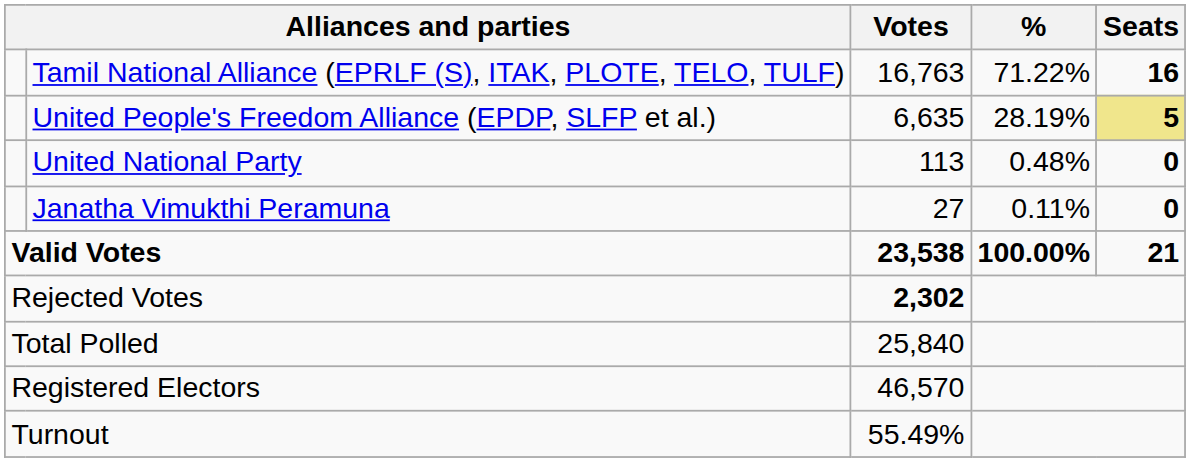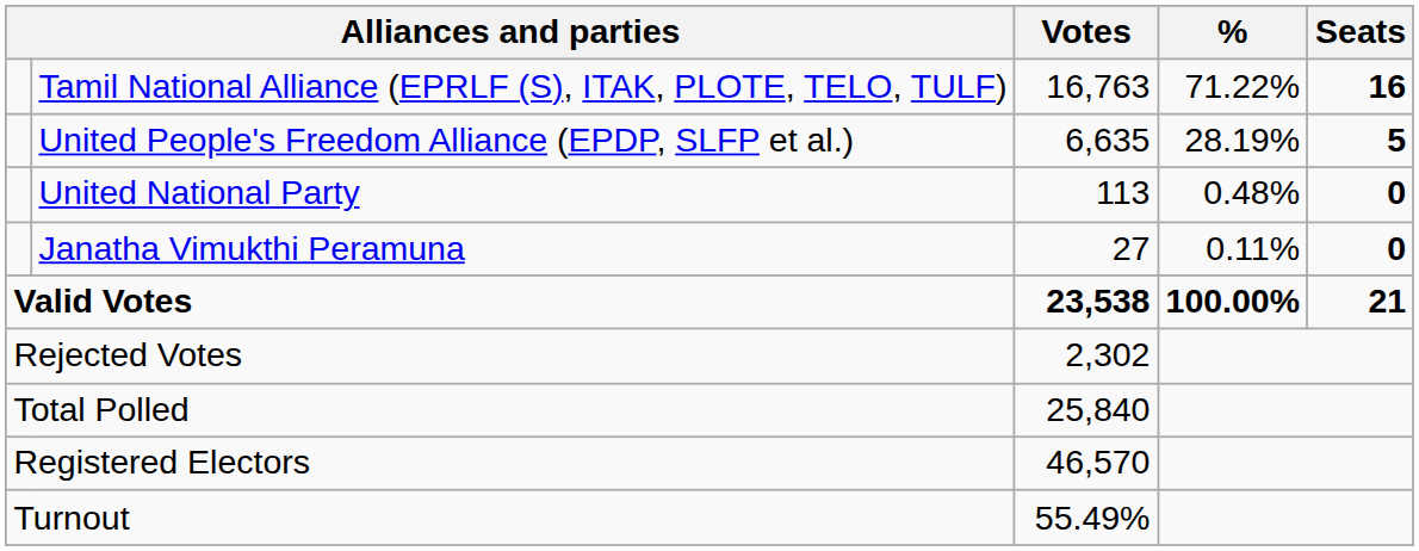 <table class="wikitable" border="1" style="text-align:right;">
 <tr>
 <th valign=bottom align=left colspan=2>Alliances and parties</th>
 <th valign=bottom align=center width="60">Votes</th>
 <th valign=bottom align=center width="50">%</th>
 <th valign=bottom align=center>Seats</th>
 </tr>
 <tr>
 <td bgcolor=> </td>
 <td align=left><a href='#'>Tamil National Alliance</a> (<a href='#'>EPRLF (S)</a>, <a href='#'>ITAK</a>, <a href='#'>PLOTE</a>, <a href='#'>TELO</a>, <a href='#'>TULF</a>)</td>
 <td>16,763</td>
 <td>71.22%</td>
 <td><strong>16</strong></td>
 </tr>
 <tr>
 <td bgcolor=> </td>
 <td align=left><a href='#'>United People's Freedom Alliance</a> (<a href='#'>EPDP</a>, <a href='#'>SLFP</a> et al.)</td>
 <td>6,635</td>
 <td>28.19%</td>
-<td style="background: khaki;"><strong>5</strong></td>
+<td><strong>5</strong></td>
 </tr>
 <tr>
 <td bgcolor=> </td>
 <td align=left><a href='#'>United National Party</a></td>
 <td>113</td>
 <td>0.48%</td>
 <td><strong>0</strong></td>
 </tr>
 <tr>
 <td bgcolor=> </td>
 <td align=left><a href='#'>Janatha Vimukthi Peramuna</a></td>
 <td>27</td>
 <td>0.11%</td>
 <td><strong>0</strong></td>
 </tr>
 <tr>
 <td colspan=2 align=left><strong>Valid Votes</strong></td>
 <td><strong>23,538</strong></td>
 <td><strong>100.00%</strong></td>
 <td><strong>21</strong></td>
 </tr>
 <tr>
 <td colspan=2 align=left>Rejected Votes</td>
-<td><strong>2,302</strong></td>
+<td>2,302</td>
 <td colspan=2></td>
 </tr>
 <tr>
 <td colspan=2 align=left>Total Polled</td>
 <td>25,840</td>
 <td colspan=2></td>
 </tr>
 <tr>
 <td colspan=2 align=left>Registered Electors</td>
 <td>46,570</td>
 <td colspan=2></td>
 </tr>
 <tr>
 <td colspan=2 align=left>Turnout</td>
 <td>55.49%</td>
 <td colspan=2></td>
 </tr>
 </table>
